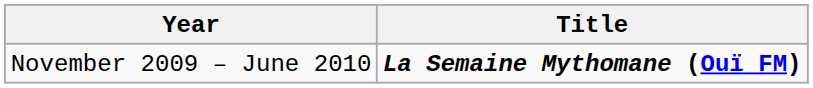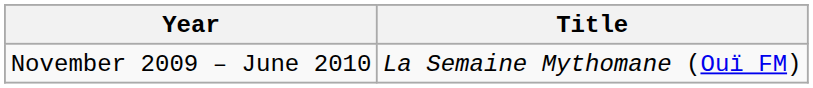 <table class="wikitable sortable">
 <tr>
 <th>Year</th>
 <th>Title</th>
 </tr>
 <tr>
 <td>November 2009 – June 2010</td>
-<td><strong><em>La Semaine Mythomane</em> (<a href='#'>Ouï FM</a>)</strong></td>
+<td><em>La Semaine Mythomane</em> (<a href='#'>Ouï FM</a>)</td>
 </tr>
 </table>
